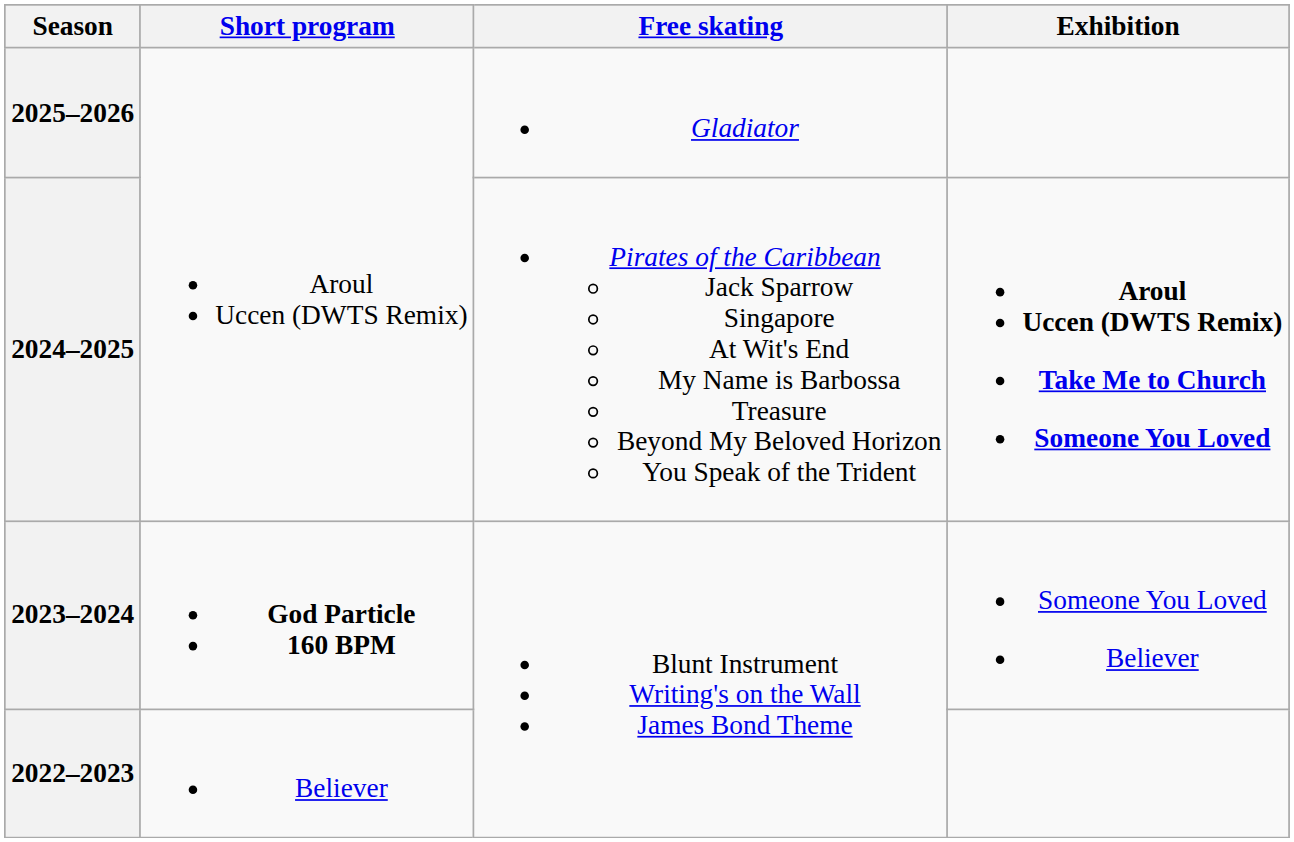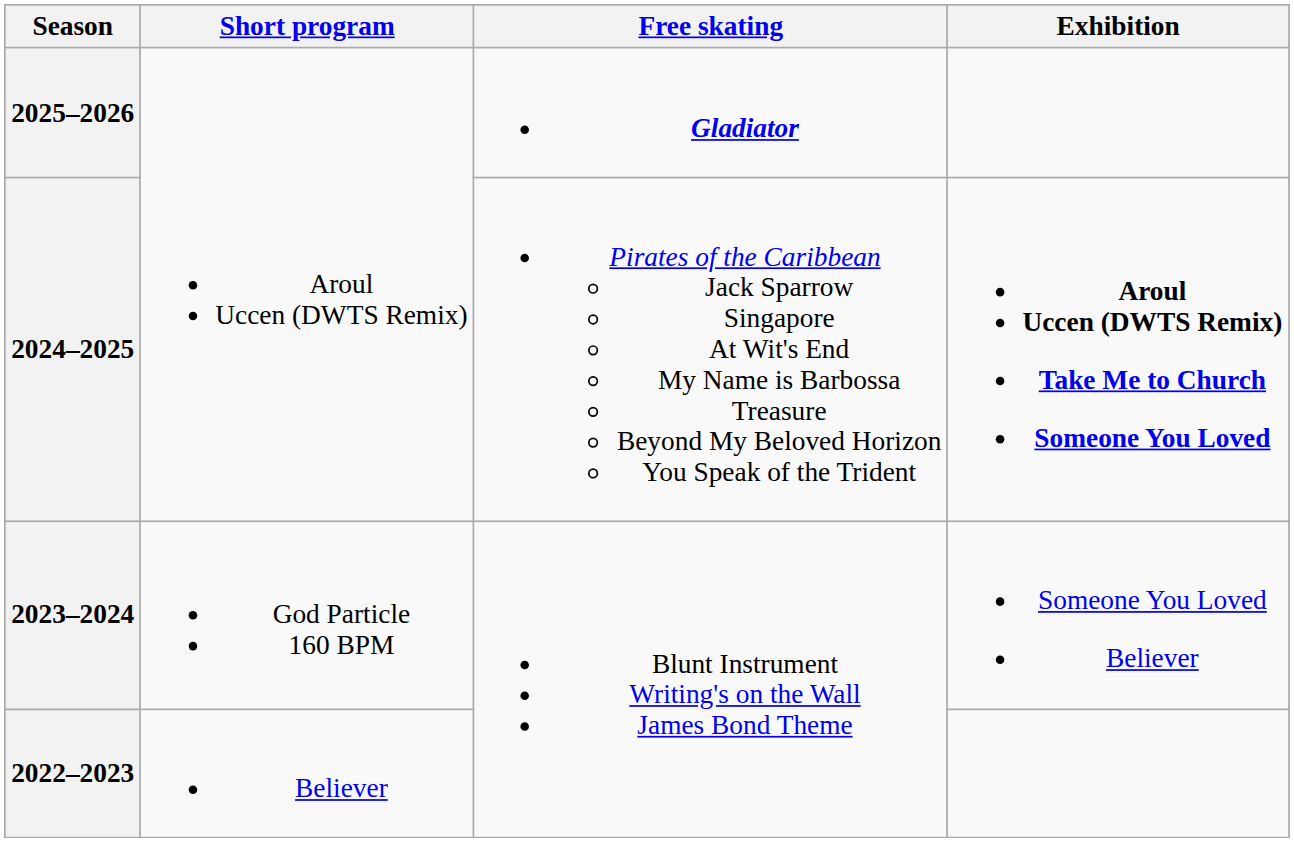 <table class=wikitable style=text-align:center>
 <tr>
 <th>Season</th>
 <th><a href='#'>Short program</a></th>
 <th><a href='#'>Free skating</a></th>
 <th>Exhibition</th>
 </tr>
 <tr>
 <th>2025–2026 <br> </th>
 <td rowspan=2><br><ul><li>Aroul</li><li>Uccen (DWTS Remix) <br> </li></ul></td>
-<td><br><ul><li><em><a href='#'>Gladiator</a></em>  <br> </li></ul></td>
+<td><strong><br><ul><li><em><a href='#'>Gladiator</a></em>  <br> </li></ul></strong></td>
 <td></td>
 </tr>
 <tr>
 <th>2024–2025 <br></th>
 <td><br><ul><li><em><a href='#'>Pirates of the Caribbean</a></em><ul><li>Jack Sparrow</li><li>Singapore</li><li>At Wit's End <br> </li><li>My Name is Barbossa</li><li>Treasure</li><li>Beyond My Beloved Horizon</li><li>You Speak of the Trident  <br> </li></ul></li></ul></td>
 <td><strong><br><ul><li>Aroul</li><li>Uccen (DWTS Remix) <br> </li></ul><ul><li><a href='#'>Take Me to Church</a> <br> </li></ul><ul><li><a href='#'>Someone You Loved</a> <br> </li></ul></strong></td>
 </tr>
 <tr>
 <th>2023–2024 <br></th>
-<td><strong><br><ul><li>God Particle <br> </li><li>160 BPM <br> </li></ul></strong></td>
+<td><br><ul><li>God Particle <br> </li><li>160 BPM <br> </li></ul></td>
 <td rowspan=2><br><ul><li>Blunt Instrument <br> </li><li><a href='#'>Writing's on the Wall</a> <br> </li><li><a href='#'>James Bond Theme</a> <br> </li></ul></td>
 <td><br><ul><li><a href='#'>Someone You Loved</a> <br> </li></ul><ul><li><a href='#'>Believer</a> <br> </li></ul></td>
 </tr>
 <tr>
 <th>2022–2023 <br></th>
 <td><br><ul><li><a href='#'>Believer</a> <br> </li></ul></td>
 <td></td>
 </tr>
 </table>
